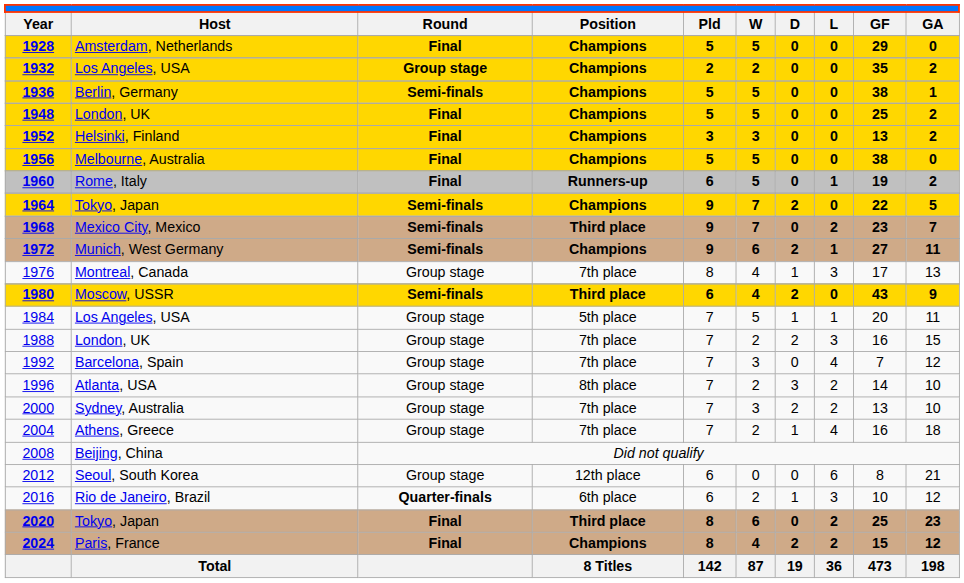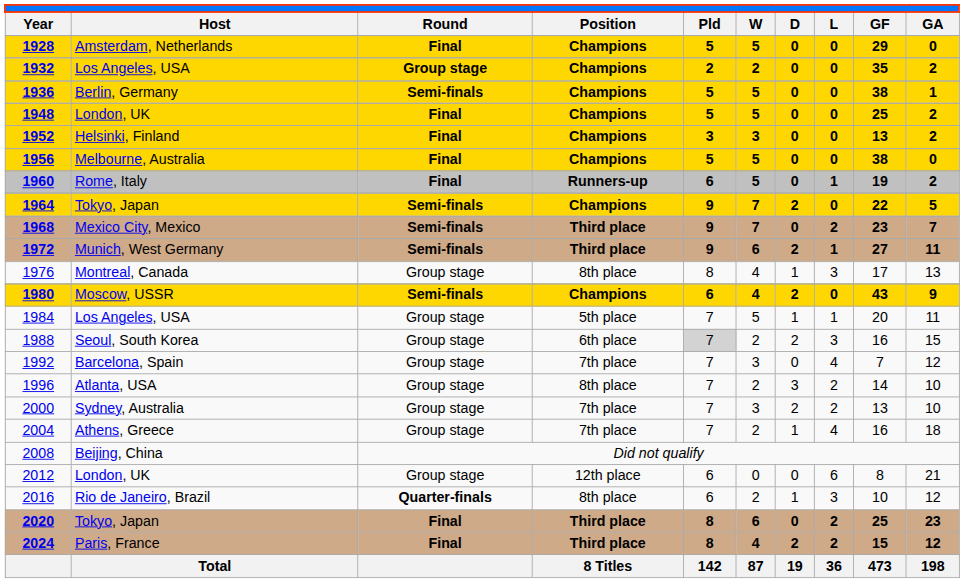 <table class="wikitable" style="text-align: center; width:85%">
 <tr>
 <th colspan=10 style="background: #0077FF;border: 2px solid #ff3300;color: #FFFFFF;Field hockey at the Summer Olympics"></th>
 </tr>
 <tr>
 <th>Year</th>
 <th>Host</th>
 <th>Round</th>
 <th>Position</th>
 <th>Pld</th>
 <th>W</th>
 <th>D</th>
 <th>L</th>
 <th>GF</th>
 <th>GA</th>
 </tr>
 <tr>
 </tr>
 <tr bgcolor=gold>
 <td><strong><a href='#'>1928</a></strong></td>
 <td align=left> <a href='#'>Amsterdam</a>, Netherlands</td>
 <td><strong>Final</strong></td>
 <td><strong>Champions</strong></td>
 <td><strong>5</strong></td>
 <td><strong>5</strong></td>
 <td><strong>0</strong></td>
 <td><strong>0</strong></td>
 <td><strong>29</strong></td>
 <td><strong>0</strong></td>
 </tr>
 <tr>
 </tr>
 <tr bgcolor=gold>
 <td><strong><a href='#'>1932</a></strong></td>
 <td align=left> <a href='#'>Los Angeles</a>, USA</td>
 <td><strong>Group stage</strong></td>
 <td><strong>Champions</strong></td>
 <td><strong>2</strong></td>
 <td><strong>2</strong></td>
 <td><strong>0</strong></td>
 <td><strong>0</strong></td>
 <td><strong>35</strong></td>
 <td><strong>2</strong></td>
 </tr>
 <tr>
 </tr>
 <tr bgcolor=gold>
 <td><strong><a href='#'>1936</a></strong></td>
 <td align=left> <a href='#'>Berlin</a>, Germany</td>
 <td><strong>Semi-finals</strong></td>
 <td><strong>Champions</strong></td>
 <td><strong>5</strong></td>
 <td><strong>5</strong></td>
 <td><strong>0</strong></td>
 <td><strong>0</strong></td>
 <td><strong>38</strong></td>
 <td><strong>1</strong></td>
 </tr>
 <tr>
 </tr>
 <tr bgcolor=gold>
 <td><strong><a href='#'>1948</a></strong></td>
 <td align=left> <a href='#'>London</a>, UK</td>
 <td><strong>Final</strong></td>
 <td><strong>Champions</strong></td>
 <td><strong>5</strong></td>
 <td><strong>5</strong></td>
 <td><strong>0</strong></td>
 <td><strong>0</strong></td>
 <td><strong>25</strong></td>
 <td><strong>2</strong></td>
 </tr>
 <tr>
 </tr>
 <tr bgcolor=gold>
 <td><strong><a href='#'>1952</a></strong></td>
 <td align=left> <a href='#'>Helsinki</a>, Finland</td>
 <td><strong>Final</strong></td>
 <td><strong>Champions</strong></td>
 <td><strong>3</strong></td>
 <td><strong>3</strong></td>
 <td><strong>0</strong></td>
 <td><strong>0</strong></td>
 <td><strong>13</strong></td>
 <td><strong>2</strong></td>
 </tr>
 <tr>
 </tr>
 <tr bgcolor=gold>
 <td><strong><a href='#'>1956</a></strong></td>
 <td align=left> <a href='#'>Melbourne</a>, Australia</td>
 <td><strong>Final</strong></td>
 <td><strong>Champions</strong></td>
 <td><strong>5</strong></td>
 <td><strong>5</strong></td>
 <td><strong>0</strong></td>
 <td><strong>0</strong></td>
 <td><strong>38</strong></td>
 <td><strong>0</strong></td>
 </tr>
 <tr>
 </tr>
 <tr bgcolor=silver>
 <td><strong><a href='#'>1960</a></strong></td>
 <td align=left> <a href='#'>Rome</a>, Italy</td>
 <td><strong>Final</strong></td>
 <td><strong>Runners-up</strong></td>
 <td><strong>6</strong></td>
 <td><strong>5</strong></td>
 <td><strong>0</strong></td>
 <td><strong>1</strong></td>
 <td><strong>19</strong></td>
 <td><strong>2</strong></td>
 </tr>
 <tr>
 </tr>
 <tr bgcolor=gold>
 <td><strong><a href='#'>1964</a></strong></td>
 <td align=left> <a href='#'>Tokyo</a>, Japan</td>
 <td><strong>Semi-finals</strong></td>
 <td><strong>Champions</strong></td>
 <td><strong>9</strong></td>
 <td><strong>7</strong></td>
 <td><strong>2</strong></td>
 <td><strong>0</strong></td>
 <td><strong>22</strong></td>
 <td><strong>5</strong></td>
 </tr>
 <tr>
 </tr>
 <tr bgcolor=#CFAA88>
 <td><strong><a href='#'>1968</a></strong></td>
 <td align=left> <a href='#'>Mexico City</a>, Mexico</td>
 <td><strong>Semi-finals</strong></td>
 <td><strong>Third place </strong></td>
 <td><strong>9</strong></td>
 <td><strong>7</strong></td>
 <td><strong>0</strong></td>
 <td><strong>2</strong></td>
 <td><strong>23</strong></td>
 <td><strong>7</strong></td>
 </tr>
 <tr>
 </tr>
 <tr bgcolor=#CFAA88>
 <td><strong><a href='#'>1972</a></strong></td>
 <td align=left> <a href='#'>Munich</a>, West Germany</td>
 <td><strong>Semi-finals</strong></td>
-<td><strong>Champions</strong></td>
+<td><strong> Third place</strong></td>
 <td><strong>9</strong></td>
 <td><strong>6</strong></td>
 <td><strong>2</strong></td>
 <td><strong>1</strong></td>
 <td><strong>27</strong></td>
 <td><strong>11</strong></td>
 </tr>
 <tr>
 <td><a href='#'>1976</a></td>
 <td align=left> <a href='#'>Montreal</a>, Canada</td>
 <td>Group stage</td>
-<td>7th place</td>
+<td>8th place</td>
 <td>8</td>
 <td>4</td>
 <td>1</td>
 <td>3</td>
 <td>17</td>
 <td>13</td>
 </tr>
 <tr>
 </tr>
 <tr bgcolor=gold>
 <td><strong><a href='#'>1980</a></strong></td>
 <td align=left> <a href='#'>Moscow</a>, USSR</td>
 <td><strong>Semi-finals</strong></td>
-<td><strong> Third place</strong></td>
+<td><strong>Champions</strong></td>
 <td><strong>6</strong></td>
 <td><strong>4</strong></td>
 <td><strong>2</strong></td>
 <td><strong>0</strong></td>
 <td><strong>43</strong></td>
 <td><strong>9</strong></td>
 </tr>
 <tr>
 <td><a href='#'>1984</a></td>
 <td align=left> <a href='#'>Los Angeles</a>, USA</td>
 <td>Group stage</td>
 <td>5th place</td>
 <td>7</td>
 <td>5</td>
 <td>1</td>
 <td>1</td>
 <td>20</td>
 <td>11</td>
 </tr>
 <tr>
 <td><a href='#'>1988</a></td>
-<td align=left> <a href='#'>London</a>, UK</td>
+<td align=left> <a href='#'>Seoul</a>, South Korea</td>
 <td>Group stage</td>
-<td>7th place</td>
-<td>7</td>
+<td>6th place</td>
+<td style="background: lightgrey;">7</td>
 <td>2</td>
 <td>2</td>
 <td>3</td>
 <td>16</td>
 <td>15</td>
 </tr>
 <tr>
 <td><a href='#'>1992</a></td>
 <td align=left> <a href='#'>Barcelona</a>, Spain</td>
 <td>Group stage</td>
 <td>7th place</td>
 <td>7</td>
 <td>3</td>
 <td>0</td>
 <td>4</td>
 <td>7</td>
 <td>12</td>
 </tr>
 <tr>
 <td><a href='#'>1996</a></td>
 <td align=left> <a href='#'>Atlanta</a>, USA</td>
 <td>Group stage</td>
 <td>8th place</td>
 <td>7</td>
 <td>2</td>
 <td>3</td>
 <td>2</td>
 <td>14</td>
 <td>10</td>
 </tr>
 <tr>
 <td><a href='#'>2000</a></td>
 <td align=left> <a href='#'>Sydney</a>, Australia</td>
 <td>Group stage</td>
 <td>7th place</td>
 <td>7</td>
 <td>3</td>
 <td>2</td>
 <td>2</td>
 <td>13</td>
 <td>10</td>
 </tr>
 <tr>
 <td><a href='#'>2004</a></td>
 <td align=left> <a href='#'>Athens</a>, Greece</td>
 <td>Group stage</td>
 <td>7th place</td>
 <td>7</td>
 <td>2</td>
 <td>1</td>
 <td>4</td>
 <td>16</td>
 <td>18</td>
 </tr>
 <tr>
 <td><a href='#'>2008</a></td>
 <td align=left> <a href='#'>Beijing</a>, China</td>
 <td colspan=8><em>Did not qualify</em></td>
 </tr>
 <tr>
 <td><a href='#'>2012</a></td>
-<td align=left> <a href='#'>Seoul</a>, South Korea</td>
+<td align=left> <a href='#'>London</a>, UK</td>
 <td>Group stage</td>
 <td>12th place</td>
 <td>6</td>
 <td>0</td>
 <td>0</td>
 <td>6</td>
 <td>8</td>
 <td>21</td>
 </tr>
 <tr>
 <td><a href='#'>2016</a></td>
 <td align=left> <a href='#'>Rio de Janeiro</a>, Brazil</td>
 <td><strong>Quarter-finals</strong></td>
-<td>6th place</td>
+<td>8th place</td>
 <td>6</td>
 <td>2</td>
 <td>1</td>
 <td>3</td>
 <td>10</td>
 <td>12</td>
 </tr>
 <tr bgcolor=#CFAA88>
 <td><strong><a href='#'>2020</a></strong></td>
 <td align=left> <a href='#'>Tokyo</a>, Japan</td>
 <td><strong>Final</strong></td>
 <td><strong>Third place</strong></td>
 <td><strong>8</strong></td>
 <td><strong>6</strong></td>
 <td><strong>0</strong></td>
 <td><strong>2</strong></td>
 <td><strong>25</strong></td>
 <td><strong>23</strong></td>
 </tr>
 <tr bgcolor=#CFAA88>
 <td><strong><a href='#'>2024</a></strong></td>
 <td align=left> <a href='#'>Paris</a>, France</td>
 <td><strong>Final</strong></td>
-<td><strong>Champions</strong></td>
+<td><strong>Third place</strong></td>
 <td><strong>8</strong></td>
 <td><strong>4</strong></td>
 <td><strong>2</strong></td>
 <td><strong>2</strong></td>
 <td><strong>15</strong></td>
 <td><strong>12</strong></td>
 </tr>
 <tr>
 <th></th>
 <th>Total</th>
 <th></th>
 <th><strong>8 Titles</strong></th>
 <th>142</th>
 <th>87</th>
 <th>19</th>
 <th>36</th>
 <th>473</th>
 <th>198</th>
 </tr>
 </table>
